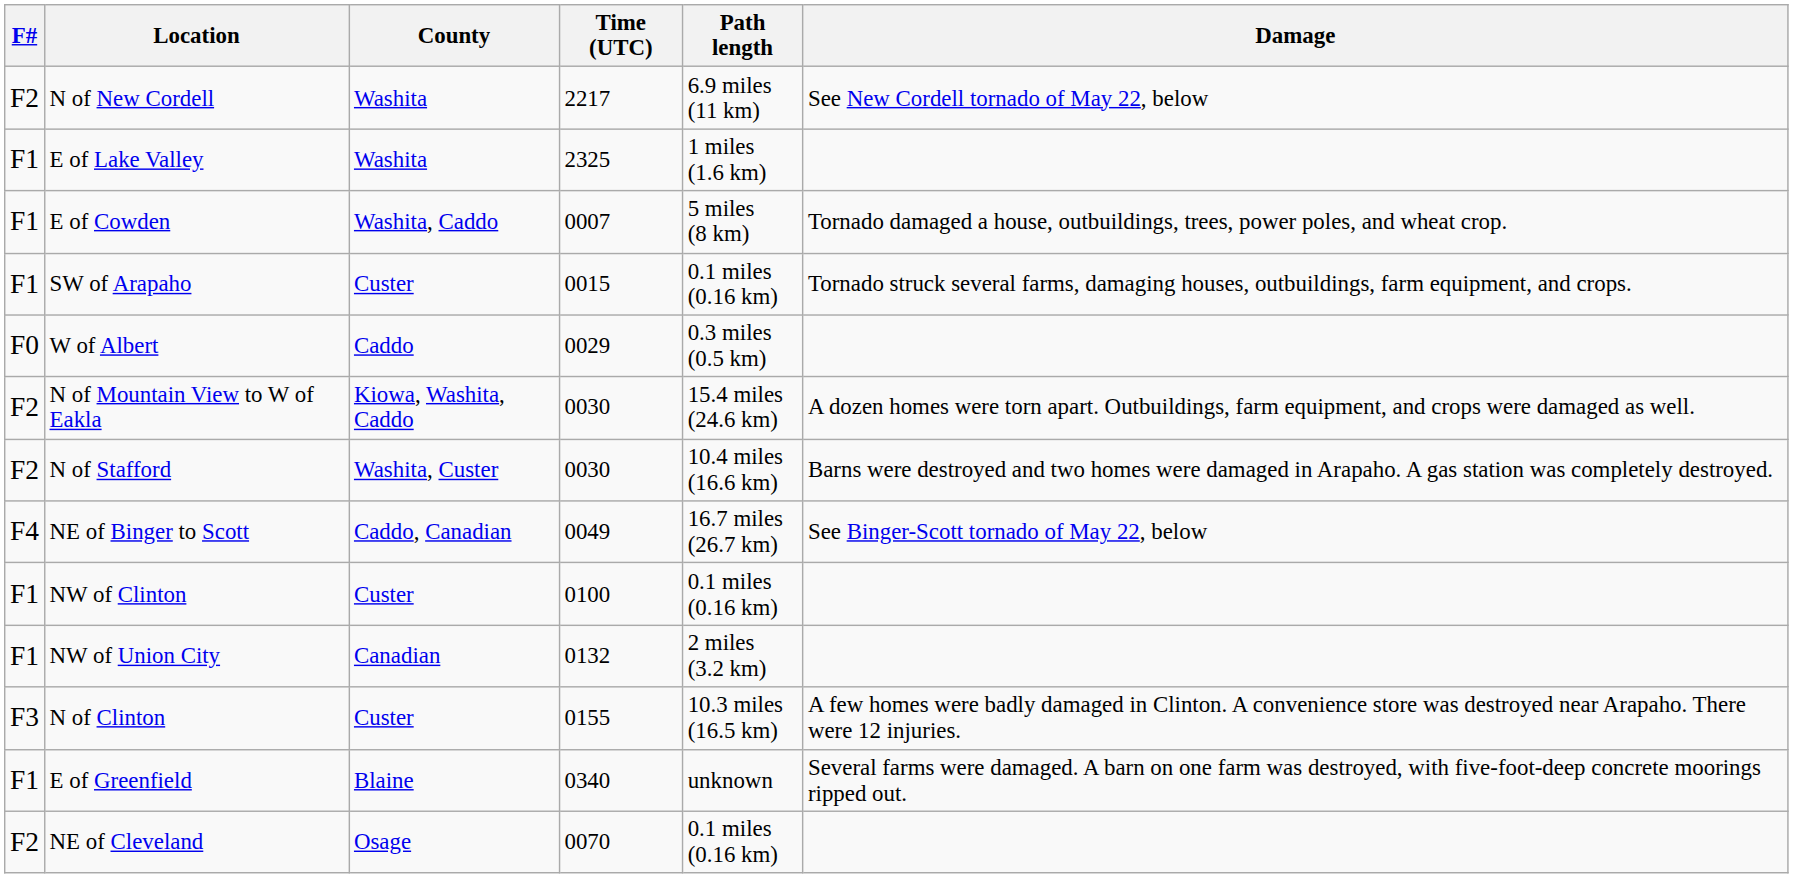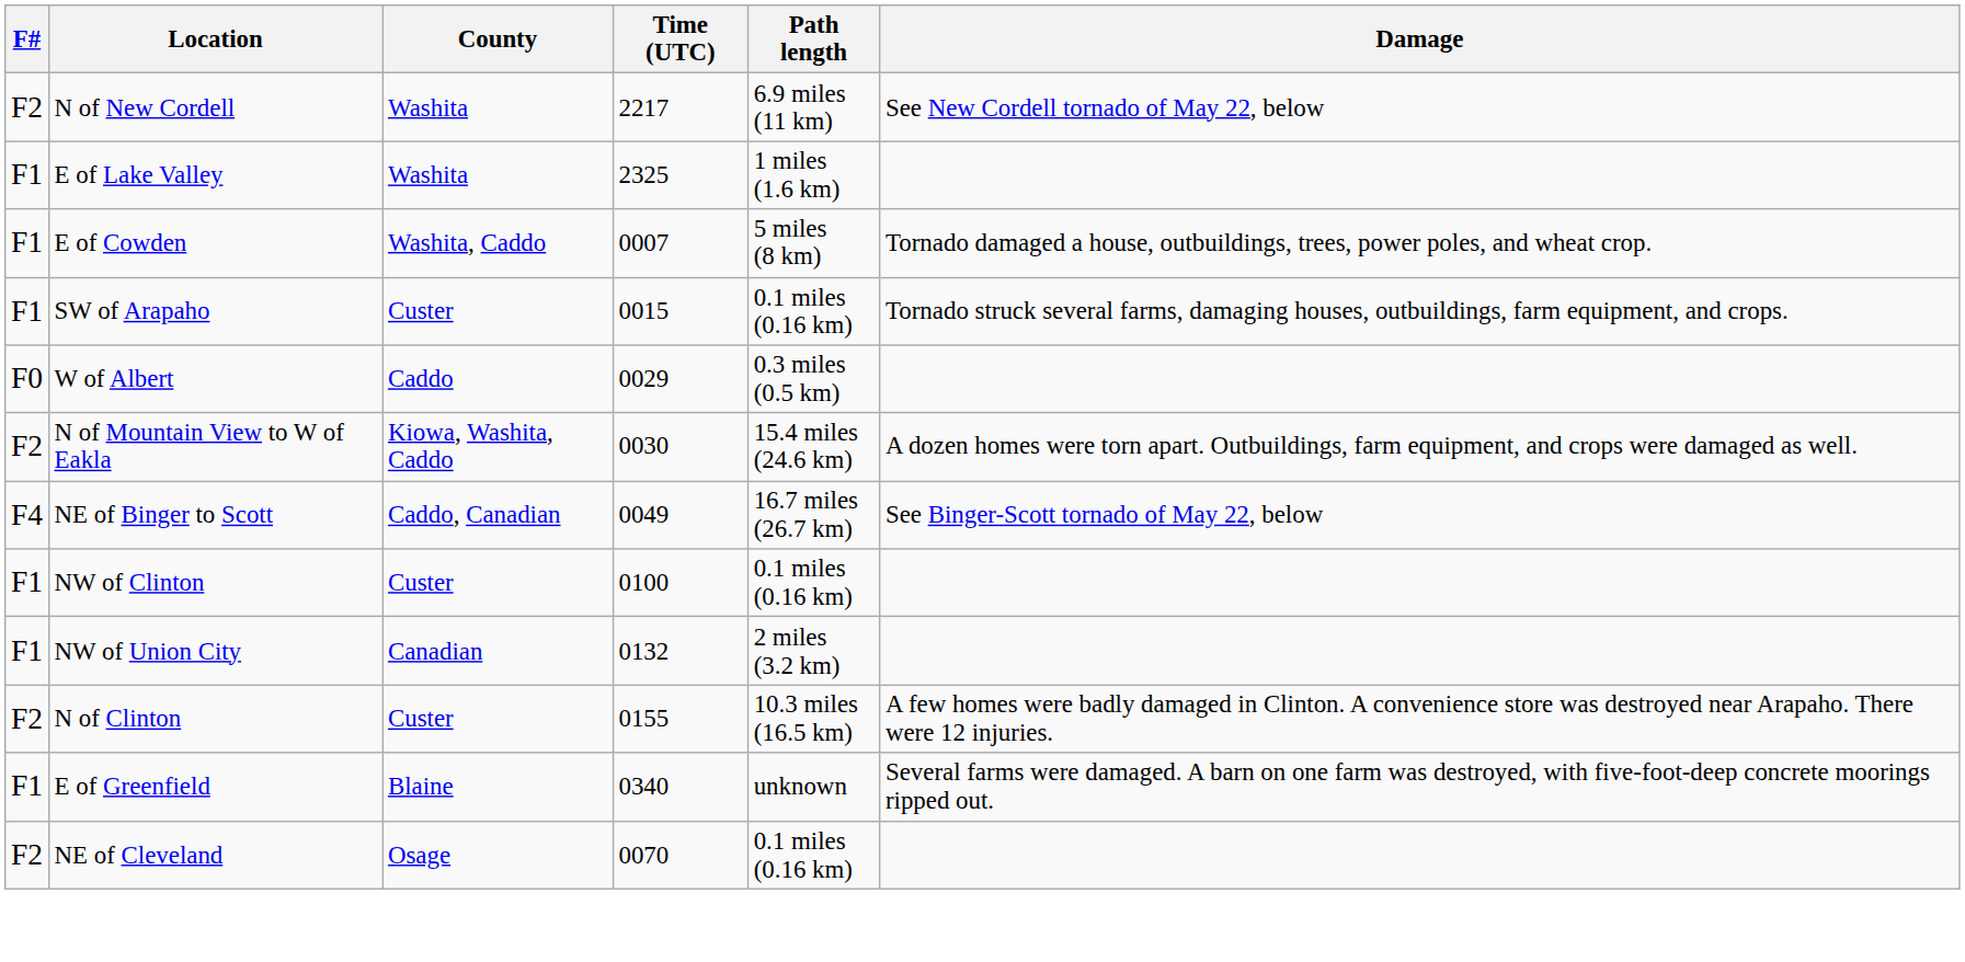 <table class="wikitable">
 <tr>
 <th scope="col"><strong><a href='#'>F#</a></strong></th>
 <th scope="col"><strong>Location</strong></th>
 <th scope="col"><strong>County</strong></th>
 <th scope="col"><strong>Time (UTC)</strong></th>
 <th scope="col"><strong>Path length</strong></th>
 <th scope="col"><strong>Damage</strong></th>
 </tr>
 <tr>
 <td><big>F2</big></td>
 <td>N of <a href='#'>New Cordell</a></td>
 <td><a href='#'>Washita</a></td>
 <td>2217</td>
 <td>6.9 miles <br>(11 km)</td>
 <td>See <a href='#'>New Cordell tornado of May 22</a>, below</td>
 </tr>
 <tr>
 <td><big>F1</big></td>
 <td>E of <a href='#'>Lake Valley</a></td>
 <td><a href='#'>Washita</a></td>
 <td>2325</td>
 <td>1 miles <br>(1.6 km)</td>
 <td></td>
 </tr>
 <tr>
 <td><big>F1</big></td>
 <td>E of <a href='#'>Cowden</a></td>
 <td><a href='#'>Washita</a>, <a href='#'>Caddo</a></td>
 <td>0007</td>
 <td>5 miles <br>(8 km)</td>
 <td>Tornado damaged a house, outbuildings, trees, power poles, and wheat crop.</td>
 </tr>
 <tr>
 <td><big>F1</big></td>
 <td>SW of <a href='#'>Arapaho</a></td>
 <td><a href='#'>Custer</a></td>
 <td>0015</td>
 <td>0.1 miles <br>(0.16 km)</td>
 <td>Tornado struck several farms, damaging houses, outbuildings, farm equipment, and crops.</td>
 </tr>
 <tr>
 <td><big>F0</big></td>
 <td>W of <a href='#'>Albert</a></td>
 <td><a href='#'>Caddo</a></td>
 <td>0029</td>
 <td>0.3 miles <br>(0.5 km)</td>
 <td></td>
 </tr>
 <tr>
 <td><big>F2</big></td>
 <td>N of <a href='#'>Mountain View</a> to W of <a href='#'>Eakla</a></td>
 <td><a href='#'>Kiowa</a>, <a href='#'>Washita</a>, <a href='#'>Caddo</a></td>
 <td>0030</td>
 <td>15.4 miles <br>(24.6 km)</td>
 <td>A dozen homes were torn apart. Outbuildings, farm equipment, and crops were damaged as well.</td>
 </tr>
 <tr>
-<td><big>F2</big></td>
-<td>N of <a href='#'>Stafford</a></td>
-<td><a href='#'>Washita</a>, <a href='#'>Custer</a></td>
-<td>0030</td>
-<td>10.4 miles <br>(16.6 km)</td>
-<td>Barns were destroyed and two homes were damaged in Arapaho. A gas station was completely destroyed.</td>
-</tr>
-<tr>
 <td><big>F4</big></td>
 <td>NE of <a href='#'>Binger</a> to <a href='#'>Scott</a></td>
 <td><a href='#'>Caddo</a>, <a href='#'>Canadian</a></td>
 <td>0049</td>
 <td>16.7 miles <br>(26.7 km)</td>
 <td>See <a href='#'>Binger-Scott tornado of May 22</a>, below</td>
 </tr>
 <tr>
 <td><big>F1</big></td>
 <td>NW of <a href='#'>Clinton</a></td>
 <td><a href='#'>Custer</a></td>
 <td>0100</td>
 <td>0.1 miles <br>(0.16 km)</td>
 <td></td>
 </tr>
 <tr>
 <td><big>F1</big></td>
 <td>NW of <a href='#'>Union City</a></td>
 <td><a href='#'>Canadian</a></td>
 <td>0132</td>
 <td>2 miles <br>(3.2 km)</td>
 <td></td>
 </tr>
 <tr>
-<td><big>F3</big></td>
+<td><big>F2</big></td>
 <td>N of <a href='#'>Clinton</a></td>
 <td><a href='#'>Custer</a></td>
 <td>0155</td>
 <td>10.3 miles <br>(16.5 km)</td>
 <td>A few homes were badly damaged in Clinton. A convenience store was destroyed near Arapaho. There were 12 injuries.</td>
 </tr>
 <tr>
 <td><big>F1</big></td>
 <td>E of <a href='#'>Greenfield</a></td>
 <td><a href='#'>Blaine</a></td>
 <td>0340</td>
 <td>unknown</td>
 <td>Several farms were damaged. A barn on one farm was destroyed, with five-foot-deep concrete moorings ripped out.</td>
 </tr>
 <tr>
 <td><big>F2</big></td>
 <td>NE of <a href='#'>Cleveland</a></td>
 <td><a href='#'>Osage</a></td>
 <td>0070</td>
 <td>0.1 miles <br>(0.16 km)</td>
 </tr>
 </table>
